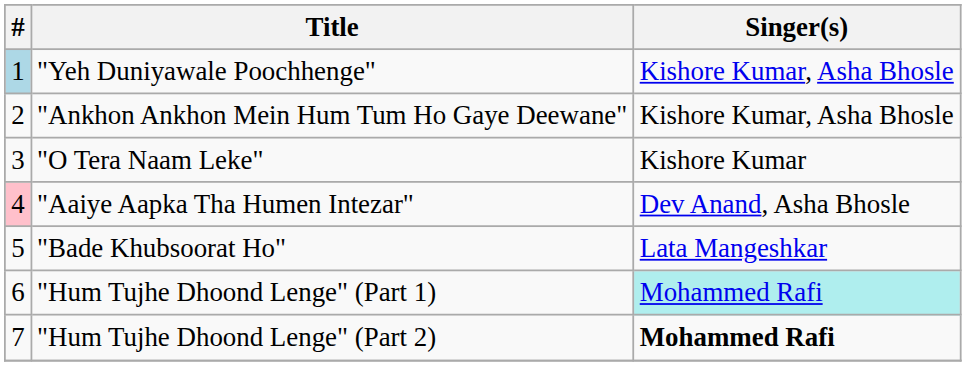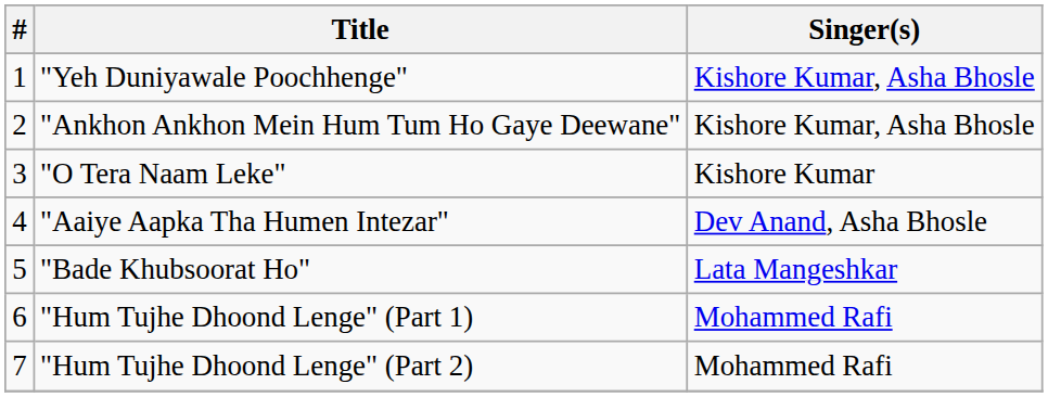 <table class="wikitable" style="font-size:95%;">
 <tr>
 <th>#</th>
 <th>Title</th>
 <th>Singer(s)</th>
 </tr>
 <tr>
-<td style="background: lightblue;">1</td>
+<td>1</td>
 <td>"Yeh Duniyawale Poochhenge"</td>
 <td><a href='#'>Kishore Kumar</a>, <a href='#'>Asha Bhosle</a></td>
 </tr>
 <tr>
 <td>2</td>
 <td>"Ankhon Ankhon Mein Hum Tum Ho Gaye Deewane"</td>
 <td>Kishore Kumar, Asha Bhosle</td>
 </tr>
 <tr>
 <td>3</td>
 <td>"O Tera Naam Leke"</td>
 <td>Kishore Kumar</td>
 </tr>
 <tr>
-<td style="background: pink;">4</td>
+<td>4</td>
 <td>"Aaiye Aapka Tha Humen Intezar"</td>
 <td><a href='#'>Dev Anand</a>, Asha Bhosle</td>
 </tr>
 <tr>
 <td>5</td>
 <td>"Bade Khubsoorat Ho"</td>
 <td><a href='#'>Lata Mangeshkar</a></td>
 </tr>
 <tr>
 <td>6</td>
 <td>"Hum Tujhe Dhoond Lenge" (Part 1)</td>
-<td style="background: paleturquoise;"><a href='#'>Mohammed Rafi</a></td>
+<td><a href='#'>Mohammed Rafi</a></td>
 </tr>
 <tr>
 <td>7</td>
 <td>"Hum Tujhe Dhoond Lenge" (Part 2)</td>
-<td><strong>Mohammed Rafi</strong></td>
+<td>Mohammed Rafi</td>
 </tr>
 <tr>
 </tr>
 </table>
